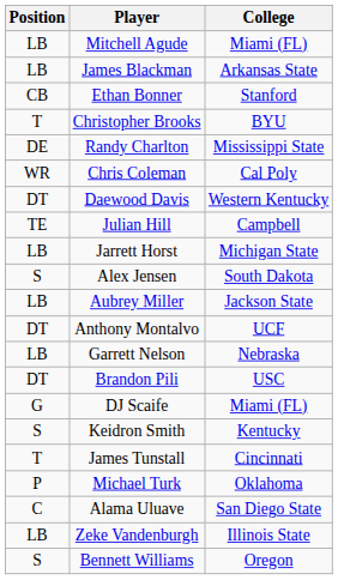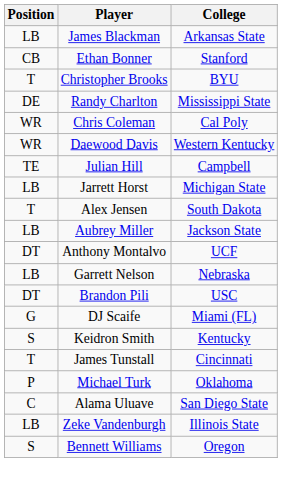 <table class="wikitable" style="text-align:center">
 <tr>
 <th scope="col">Position</th>
 <th scope="col">Player</th>
 <th scope="col">College</th>
-</tr>
-<tr>
-<td>LB</td>
-<td scope="row"><a href='#'>Mitchell Agude</a></td>
-<td><a href='#'>Miami (FL)</a></td>
 </tr>
 <tr>
 <td>LB</td>
 <td scope="row"><a href='#'>James Blackman</a></td>
 <td><a href='#'>Arkansas State</a></td>
 </tr>
 <tr>
 <td>CB</td>
 <td scope="row"><a href='#'>Ethan Bonner</a></td>
 <td><a href='#'>Stanford</a></td>
 </tr>
 <tr>
 <td>T</td>
 <td scope="row"><a href='#'>Christopher Brooks</a></td>
 <td><a href='#'>BYU</a></td>
 </tr>
 <tr>
 <td>DE</td>
 <td scope="row"><a href='#'>Randy Charlton</a></td>
 <td><a href='#'>Mississippi State</a></td>
 </tr>
 <tr>
 <td>WR</td>
 <td scope="row"><a href='#'>Chris Coleman</a></td>
 <td><a href='#'>Cal Poly</a></td>
 </tr>
 <tr>
-<td>DT</td>
+<td>WR</td>
 <td scope="row"><a href='#'>Daewood Davis</a></td>
 <td><a href='#'>Western Kentucky</a></td>
 </tr>
 <tr>
 <td>TE</td>
 <td scope="row"><a href='#'>Julian Hill</a></td>
 <td><a href='#'>Campbell</a></td>
 </tr>
 <tr>
 <td>LB</td>
 <td scope="row">Jarrett Horst</td>
 <td><a href='#'>Michigan State</a></td>
 </tr>
 <tr>
-<td>S</td>
+<td>T</td>
 <td scope="row">Alex Jensen</td>
 <td><a href='#'>South Dakota</a></td>
 </tr>
 <tr>
 <td>LB</td>
 <td scope="row"><a href='#'>Aubrey Miller</a></td>
 <td><a href='#'>Jackson State</a></td>
 </tr>
 <tr>
 <td>DT</td>
 <td scope="row">Anthony Montalvo</td>
 <td><a href='#'>UCF</a></td>
 </tr>
 <tr>
 <td>LB</td>
 <td scope="row">Garrett Nelson</td>
 <td><a href='#'>Nebraska</a></td>
 </tr>
 <tr>
 <td>DT</td>
 <td scope="row"><a href='#'>Brandon Pili</a></td>
 <td><a href='#'>USC</a></td>
 </tr>
 <tr>
 <td>G</td>
 <td scope="row">DJ Scaife</td>
 <td><a href='#'>Miami (FL)</a></td>
 </tr>
 <tr>
 <td>S</td>
 <td scope="row">Keidron Smith</td>
 <td><a href='#'>Kentucky</a></td>
 </tr>
 <tr>
 <td>T</td>
 <td scope="row">James Tunstall</td>
 <td><a href='#'>Cincinnati</a></td>
 </tr>
 <tr>
 <td>P</td>
 <td scope="row"><a href='#'>Michael Turk</a></td>
 <td><a href='#'>Oklahoma</a></td>
 </tr>
 <tr>
 <td>C</td>
 <td scope="row">Alama Uluave</td>
 <td><a href='#'>San Diego State</a></td>
 </tr>
 <tr>
 <td>LB</td>
 <td scope="row"><a href='#'>Zeke Vandenburgh</a></td>
 <td><a href='#'>Illinois State</a></td>
 </tr>
 <tr>
 <td>S</td>
 <td scope="row"><a href='#'>Bennett Williams</a></td>
 <td><a href='#'>Oregon</a></td>
 </tr>
 </table>
